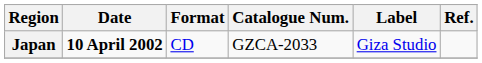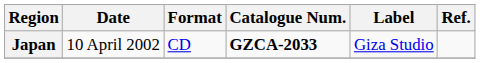 <table class="wikitable sortable plainrowheaders">
 <tr>
 <th scope="col">Region</th>
 <th scope="col">Date</th>
 <th scope="col">Format</th>
 <th scope="col">Catalogue Num.</th>
 <th scope="col">Label</th>
 <th scope="col">Ref.</th>
 </tr>
 <tr>
 <th scope="row">Japan</th>
-<td><strong>10 April 2002</strong></td>
+<td>10 April 2002</td>
 <td><a href='#'>CD</a></td>
-<td>GZCA-2033</td>
+<td><strong>GZCA-2033</strong></td>
 <td><a href='#'>Giza Studio</a></td>
 <td></td>
 </tr>
 <tr>
 </tr>
 </table>
